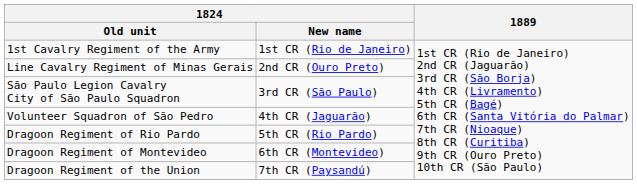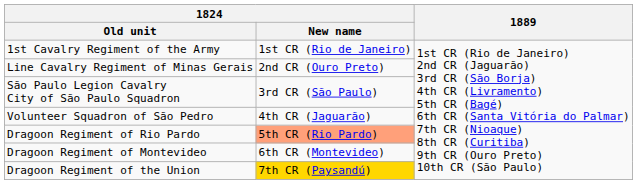 <table class="wikitable mw-collapsible mw-collapsed">
 <tr>
 <th colspan="2">1824</th>
 <th rowspan="2">1889</th>
 </tr>
 <tr>
 <th>Old unit</th>
 <th>New name</th>
 </tr>
 <tr>
 <td>1st Cavalry Regiment of the Army</td>
 <td>1st CR (<a href='#'>Rio de Janeiro</a>)</td>
 <td rowspan="7">1st CR (Rio de Janeiro)<br>2nd CR (Jaguarão)<br>3rd CR (<a href='#'>São Borja</a>)<br>4th CR (<a href='#'>Livramento</a>)<br>5th CR (<a href='#'>Bagé</a>)<br>6th CR (<a href='#'>Santa Vitória do Palmar</a>)<br>7th CR (<a href='#'>Nioaque</a>)<br>8th CR (<a href='#'>Curitiba</a>)<br>9th CR (Ouro Preto)<br>10th CR (São Paulo)</td>
 </tr>
 <tr>
 <td>Line Cavalry Regiment of Minas Gerais</td>
 <td>2nd CR (<a href='#'>Ouro Preto</a>)</td>
 </tr>
 <tr>
 <td>São Paulo Legion Cavalry<br>City of São Paulo Squadron</td>
 <td>3rd CR (<a href='#'>São Paulo</a>)</td>
 </tr>
 <tr>
 <td>Volunteer Squadron of São Pedro</td>
 <td>4th CR (<a href='#'>Jaguarão</a>)</td>
 </tr>
 <tr>
 <td>Dragoon Regiment of Rio Pardo</td>
-<td>5th CR (<a href='#'>Rio Pardo</a>)</td>
+<td style="background: lightsalmon;">5th CR (<a href='#'>Rio Pardo</a>)</td>
 </tr>
 <tr>
 <td>Dragoon Regiment of Montevideo</td>
 <td>6th CR (<a href='#'>Montevideo</a>)</td>
 </tr>
 <tr>
 <td>Dragoon Regiment of the Union</td>
-<td>7th CR (<a href='#'>Paysandú</a>)</td>
+<td style="background: gold;">7th CR (<a href='#'>Paysandú</a>)</td>
 </tr>
 </table>
